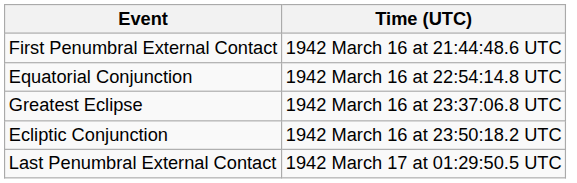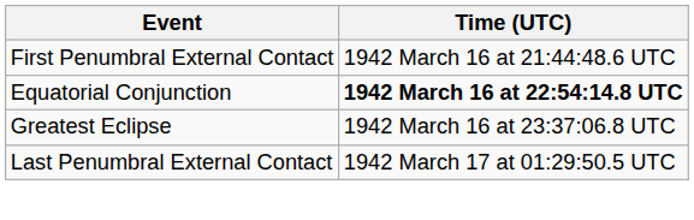 <table class="wikitable">
 <tr>
 <th>Event</th>
 <th>Time (UTC)</th>
 </tr>
 <tr>
 <td>First Penumbral External Contact</td>
 <td>1942 March 16 at 21:44:48.6 UTC</td>
 </tr>
 <tr>
 <td>Equatorial Conjunction</td>
-<td>1942 March 16 at 22:54:14.8 UTC</td>
+<td><strong>1942 March 16 at 22:54:14.8 UTC</strong></td>
 </tr>
 <tr>
 <td>Greatest Eclipse</td>
 <td>1942 March 16 at 23:37:06.8 UTC</td>
 </tr>
 <tr>
-<td>Ecliptic Conjunction</td>
-<td>1942 March 16 at 23:50:18.2 UTC</td>
-</tr>
-<tr>
 <td>Last Penumbral External Contact</td>
 <td>1942 March 17 at 01:29:50.5 UTC</td>
 </tr>
 </table>
